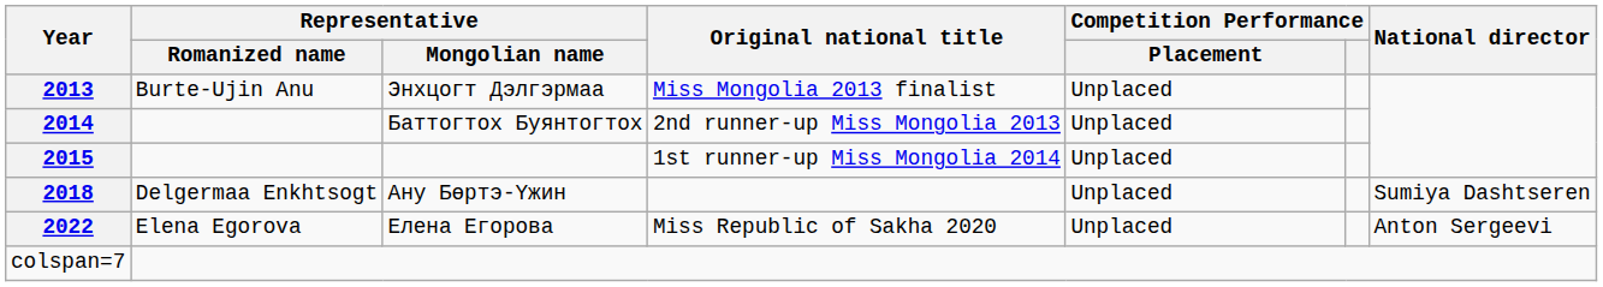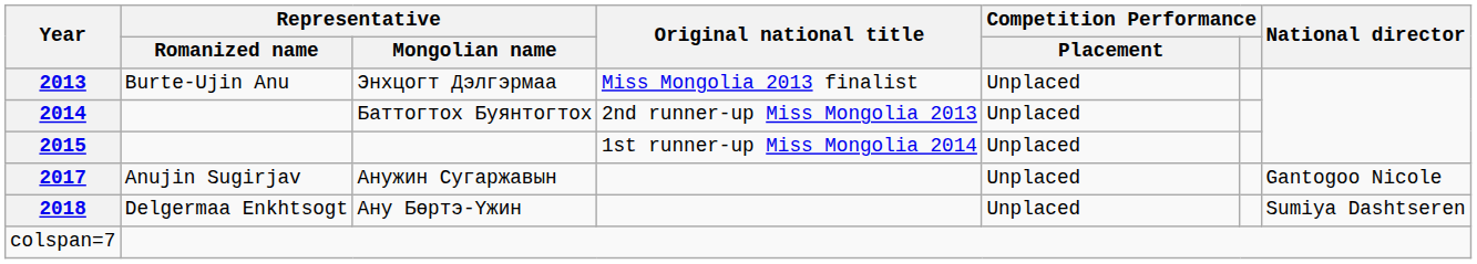 <table class="wikitable defaultcenter col2left col3left col7left" style="font-size:95%;">
 <tr>
 <th rowspan=2>Year</th>
 <th colspan=2>Representative</th>
 <th rowspan=2>Original national title</th>
 <th colspan=2>Competition Performance</th>
 <th rowspan=2>National director</th>
 </tr>
 <tr>
 <th>Romanized name</th>
 <th>Mongolian name</th>
 <th>Placement</th>
 <th></th>
 </tr>
 <tr>
 <th><a href='#'>2013</a></th>
 <td>Burte-Ujin Anu</td>
 <td>Энхцогт Дэлгэрмаа</td>
 <td><a href='#'>Miss Mongolia 2013</a> finalist</td>
 <td>Unplaced</td>
 <td></td>
 <td rowspan=3></td>
 </tr>
 <tr>
 <th><a href='#'>2014</a></th>
 <td></td>
 <td>Баттогтох Буянтогтох</td>
 <td>2nd runner-up <a href='#'>Miss Mongolia 2013</a></td>
 <td>Unplaced</td>
 <td></td>
 </tr>
 <tr>
 <th><a href='#'>2015</a></th>
 <td></td>
 <td></td>
 <td>1st runner-up <a href='#'>Miss Mongolia 2014</a></td>
 <td>Unplaced</td>
 <td></td>
 </tr>
 <tr>
+<th><a href='#'>2017</a></th>
+<td>Anujin Sugirjav</td>
+<td>Анужин Сугаржавын</td>
+<td></td>
+<td>Unplaced</td>
+<td></td>
+<td>Gantogoo Nicole</td>
+</tr>
+<tr>
 <th><a href='#'>2018</a></th>
 <td>Delgermaa Enkhtsogt</td>
 <td>Ану Бөртэ-Үжин</td>
 <td></td>
 <td>Unplaced</td>
 <td></td>
 <td>Sumiya Dashtseren</td>
 </tr>
 <tr>
-<th><a href='#'>2022</a></th>
-<td>Elena Egorova</td>
-<td>Елена Егорова</td>
-<td>Miss Republic of Sakha 2020</td>
-<td>Unplaced</td>
-<td></td>
-<td>Anton Sergeevi</td>
-</tr>
-<tr>
 <td>colspan=7 </td>
 </tr>
 </table>
